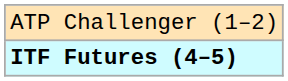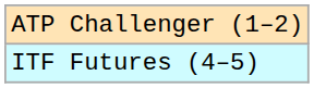 <table class=wikitable style=font-size:97%>
 <tr bgcolor=moccasin>
 <td>ATP Challenger (1–2)</td>
 </tr>
 <tr bgcolor=cffcff>
-<td><strong>ITF Futures (4–5)</strong></td>
+<td>ITF Futures (4–5)</td>
 </tr>
 </table>
